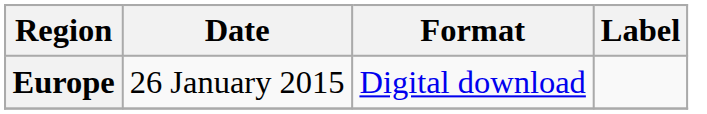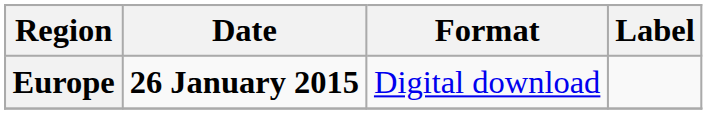 <table class="wikitable plainrowheaders">
 <tr>
 <th scope="col">Region</th>
 <th scope="col">Date</th>
 <th scope="col">Format</th>
 <th scope="col">Label</th>
 </tr>
 <tr>
 <th scope="row">Europe</th>
-<td>26 January 2015</td>
+<td><strong>26 January 2015</strong></td>
 <td><a href='#'>Digital download</a></td>
 <td></td>
 </tr>
 <tr>
 </tr>
 </table>
